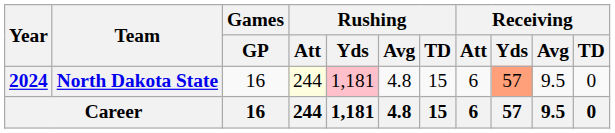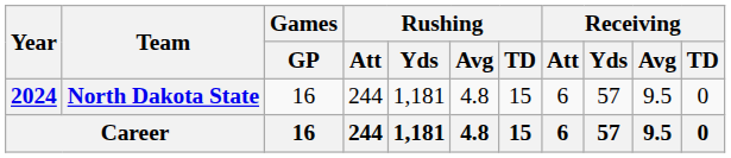 <table class="wikitable" style="text-align:center;">
 <tr>
 <th rowspan="2">Year</th>
 <th rowspan="2">Team</th>
 <th colspan="1">Games</th>
 <th colspan="4">Rushing</th>
 <th colspan="4">Receiving</th>
 </tr>
 <tr>
 <th>GP</th>
 <th>Att</th>
 <th>Yds</th>
 <th>Avg</th>
 <th>TD</th>
 <th>Att</th>
 <th>Yds</th>
 <th>Avg</th>
 <th>TD</th>
 </tr>
 <tr>
 <th><a href='#'>2024</a></th>
 <th><a href='#'>North Dakota State</a></th>
 <td>16</td>
-<td style="background: lightyellow;">244</td>
-<td style="background: pink;">1,181</td>
+<td>244</td>
+<td>1,181</td>
 <td>4.8</td>
 <td>15</td>
 <td>6</td>
-<td style="background: lightsalmon;">57</td>
+<td>57</td>
 <td>9.5</td>
 <td>0</td>
 </tr>
 <tr>
 <th colspan="2">Career</th>
 <th>16</th>
 <th>244</th>
 <th>1,181</th>
 <th>4.8</th>
 <th>15</th>
 <th>6</th>
 <th>57</th>
 <th>9.5</th>
 <th>0</th>
 </tr>
 </table>
